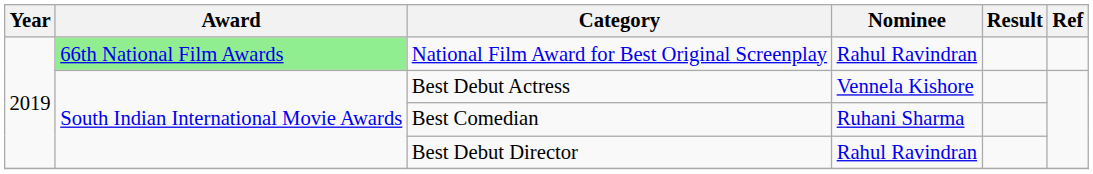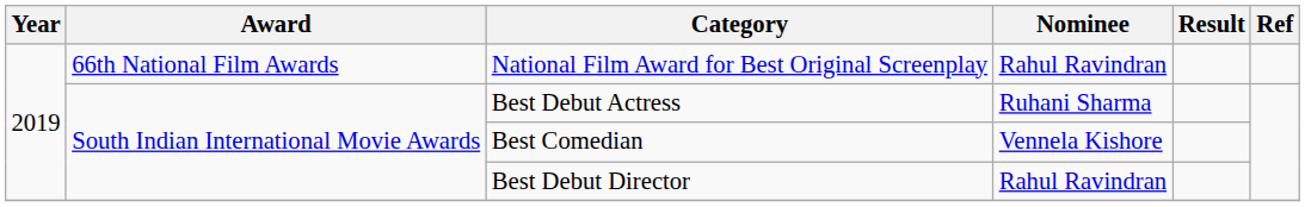 <table class="wikitable">
 <tr>
 <th>Year</th>
 <th>Award</th>
 <th>Category</th>
 <th>Nominee</th>
 <th>Result</th>
 <th>Ref</th>
 </tr>
 <tr>
 <td rowspan="4">2019</td>
-<td style="background: lightgreen;"><a href='#'>66th National Film Awards</a></td>
+<td><a href='#'>66th National Film Awards</a></td>
 <td><a href='#'>National Film Award for Best  Original Screenplay</a></td>
 <td><a href='#'>Rahul Ravindran</a></td>
 <td></td>
 <td></td>
 </tr>
 <tr>
 <td rowspan="3"><a href='#'>South Indian International Movie Awards</a></td>
 <td>Best Debut Actress</td>
-<td><a href='#'>Vennela Kishore</a></td>
+<td><a href='#'>Ruhani Sharma</a></td>
 <td></td>
 <td rowspan="3"></td>
 </tr>
 <tr>
 <td>Best Comedian</td>
-<td><a href='#'>Ruhani Sharma</a></td>
+<td><a href='#'>Vennela Kishore</a></td>
 <td></td>
 </tr>
 <tr>
 <td>Best Debut Director</td>
 <td><a href='#'>Rahul Ravindran</a></td>
 <td></td>
 </tr>
 <tr>
 </tr>
 </table>
